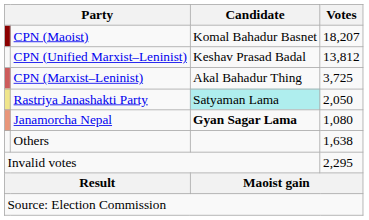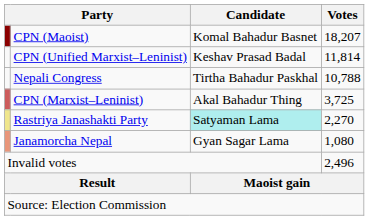 <table class="wikitable">
 <tr>
 <th colspan="2">Party</th>
 <th>Candidate</th>
 <th>Votes</th>
 </tr>
 <tr>
 <td style="background-color:darkred"></td>
 <td><a href='#'>CPN (Maoist)</a></td>
 <td>Komal Bahadur Basnet</td>
 <td>18,207</td>
 </tr>
 <tr>
 <td style="background-color:"></td>
 <td><a href='#'>CPN (Unified Marxist–Leninist)</a></td>
 <td>Keshav Prasad Badal</td>
-<td>13,812</td>
+<td>11,814</td>
+</tr>
+<tr>
+<td style="background-color:"></td>
+<td><a href='#'>Nepali Congress</a></td>
+<td>Tirtha Bahadur Paskhal</td>
+<td>10,788</td>
 </tr>
 <tr>
 <td style="background-color:indianred"></td>
 <td><a href='#'>CPN (Marxist–Leninist)</a></td>
 <td>Akal Bahadur Thing</td>
 <td>3,725</td>
 </tr>
 <tr>
 <td style="background-color:khaki"></td>
 <td><a href='#'>Rastriya Janashakti Party</a></td>
 <td style="background: paleturquoise;">Satyaman Lama</td>
-<td>2,050</td>
+<td>2,270</td>
 </tr>
 <tr>
 <td style="background-color:darksalmon"></td>
 <td><a href='#'>Janamorcha Nepal</a></td>
-<td><strong>Gyan Sagar Lama</strong></td>
+<td>Gyan Sagar Lama</td>
 <td>1,080</td>
 </tr>
 <tr>
-<td></td>
-<td>Others</td>
-<td></td>
-<td>1,638</td>
-</tr>
-<tr>
 <td colspan="3">Invalid votes</td>
-<td>2,295</td>
+<td>2,496</td>
 </tr>
 <tr>
 <th colspan="2">Result</th>
 <th colspan="2">Maoist gain</th>
 </tr>
 <tr>
 <td colspan="4">Source: Election Commission</td>
 </tr>
 </table>
